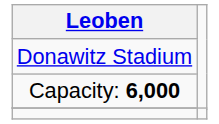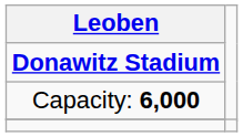 <table class="wikitable" style="text-align:center;margin:1em auto;">
 <tr>
 <th><a href='#'>Leoben</a></th>
 <td rowspan="4"></td>
 </tr>
 <tr>
-<td><a href='#'>Donawitz Stadium</a></td>
+<td><strong><a href='#'>Donawitz Stadium</a></strong></td>
 </tr>
 <tr>
 <td>Capacity: <strong>6,000</strong></td>
 </tr>
 <tr>
 </tr>
 <tr>
 <td></td>
 </tr>
 </table>
